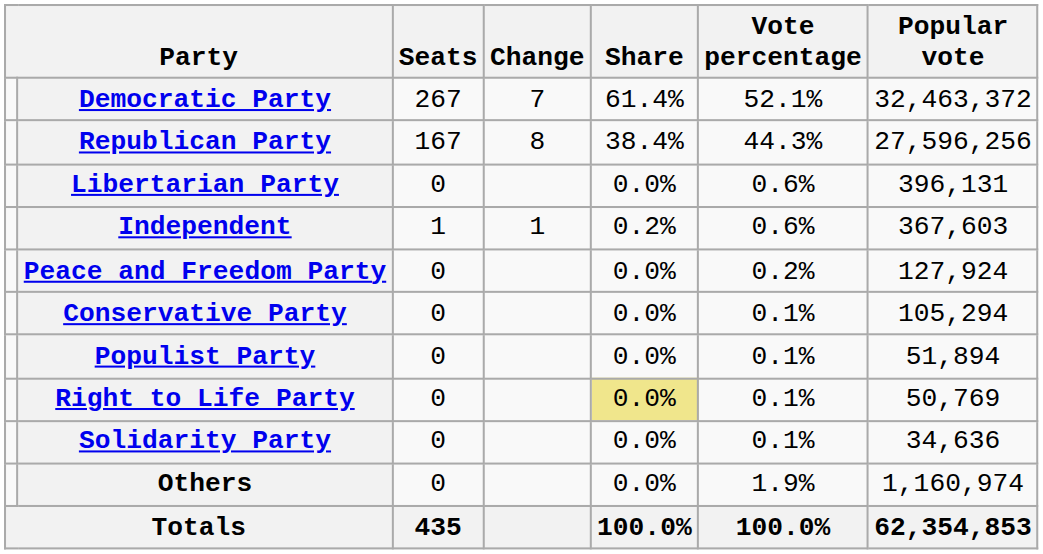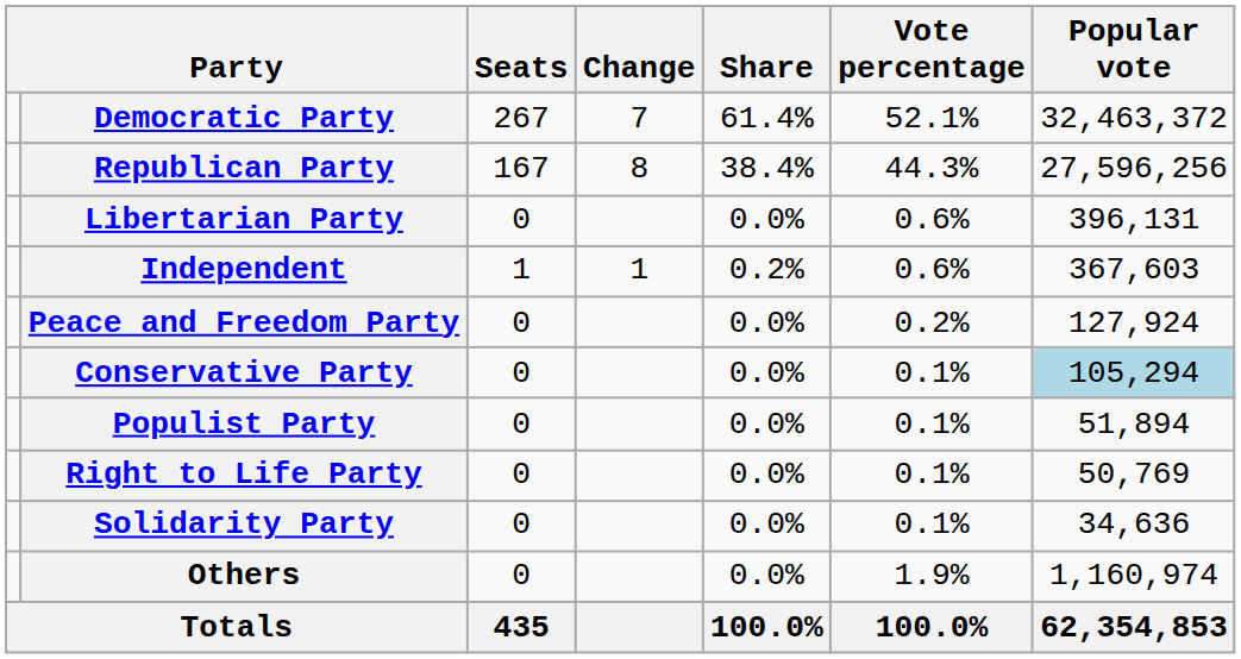 <table class=wikitable style="text-align:center">
 <tr valign=bottom>
 <th colspan=2>Party</th>
 <th>Seats</th>
 <th>Change</th>
 <th>Share</th>
 <th>Vote<br>percentage</th>
 <th>Popular<br>vote</th>
 </tr>
 <tr>
 <td style="background-color:"></td>
 <th><a href='#'>Democratic Party</a></th>
 <td>267</td>
 <td>7</td>
 <td>61.4%</td>
 <td>52.1%</td>
 <td>32,463,372</td>
 </tr>
 <tr>
 <td style="background-color:"></td>
 <th><a href='#'>Republican Party</a></th>
 <td>167</td>
 <td>8</td>
 <td>38.4%</td>
 <td>44.3%</td>
 <td>27,596,256</td>
 </tr>
 <tr>
 <td style="background-color:"></td>
 <th><a href='#'>Libertarian Party</a></th>
 <td>0</td>
 <td></td>
 <td>0.0%</td>
 <td>0.6%</td>
 <td>396,131</td>
 </tr>
 <tr>
 <td style="background-color:"></td>
 <th><a href='#'>Independent</a></th>
 <td>1</td>
 <td>1</td>
 <td>0.2%</td>
 <td>0.6%</td>
 <td>367,603</td>
 </tr>
 <tr>
 <td style="background-color:"></td>
 <th><a href='#'>Peace and Freedom Party</a></th>
 <td>0</td>
 <td></td>
 <td>0.0%</td>
 <td>0.2%</td>
 <td>127,924</td>
 </tr>
 <tr>
 <td style="background-color:"></td>
 <th><a href='#'>Conservative Party</a></th>
 <td>0</td>
 <td></td>
 <td>0.0%</td>
 <td>0.1%</td>
-<td>105,294</td>
+<td style="background: lightblue;">105,294</td>
 </tr>
 <tr>
 <td style="background-color:"></td>
 <th><a href='#'>Populist Party</a></th>
 <td>0</td>
 <td></td>
 <td>0.0%</td>
 <td>0.1%</td>
 <td>51,894</td>
 </tr>
 <tr>
 <td style="background-color:"></td>
 <th><a href='#'>Right to Life Party</a></th>
 <td>0</td>
 <td></td>
-<td style="background: khaki;">0.0%</td>
+<td>0.0%</td>
 <td>0.1%</td>
 <td>50,769</td>
 </tr>
 <tr>
 <td style="background-color:"></td>
 <th><a href='#'>Solidarity Party</a></th>
 <td>0</td>
 <td></td>
 <td>0.0%</td>
 <td>0.1%</td>
 <td>34,636</td>
 </tr>
 <tr>
 <td style="background-color:"></td>
 <th>Others</th>
 <td>0</td>
 <td></td>
 <td>0.0%</td>
 <td>1.9%</td>
 <td>1,160,974</td>
 </tr>
 <tr>
 <th colspan=2>Totals</th>
 <th>435</th>
 <th></th>
 <th>100.0%</th>
 <th>100.0%</th>
 <th>62,354,853</th>
 </tr>
 </table>
